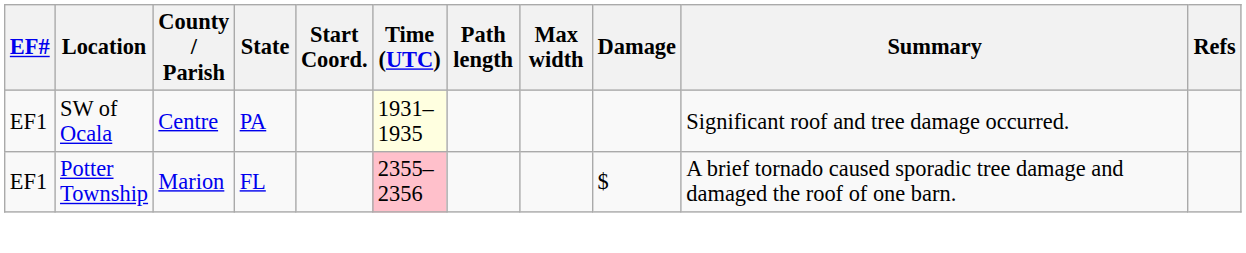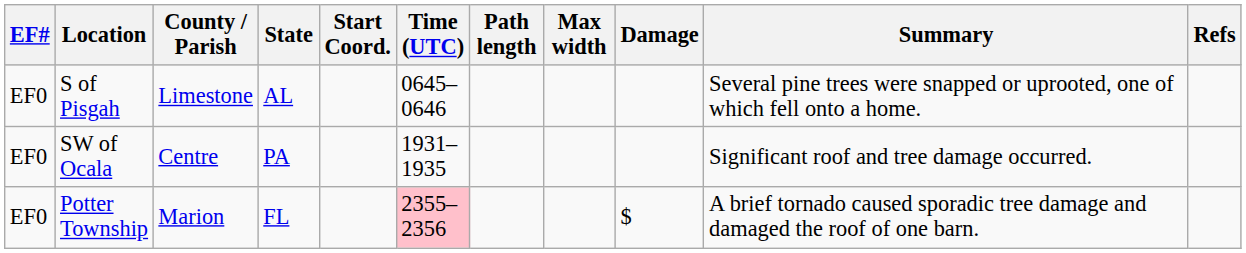 <table class="wikitable sortable" style="width:100%;">
 <tr>
 <th scope="col" width="3%" align="center"><a href='#'>EF#</a></th>
 <th scope="col" width="7%" align="center" class="unsortable">Location</th>
 <th scope="col" width="6%" align="center" class="unsortable">County / Parish</th>
 <th scope="col" width="5%" align="center">State</th>
 <th scope="col" width="6%" align="center">Start Coord.</th>
 <th scope="col" width="6%" align="center">Time (<a href='#'>UTC</a>)</th>
 <th scope="col" width="6%" align="center">Path length</th>
 <th scope="col" width="6%" align="center">Max width</th>
 <th scope="col" width="6%" align="center">Damage</th>
 <th scope="col" width="48%" class="unsortable" align="center">Summary</th>
 <th scope="col" width="48%" class="unsortable" align="center">Refs</th>
 </tr>
 <tr>
-<td>EF1</td>
+<td>EF0</td>
+<td>S of <a href='#'>Pisgah</a></td>
+<td><a href='#'>Limestone</a></td>
+<td><a href='#'>AL</a></td>
+<td></td>
+<td>0645–0646</td>
+<td></td>
+<td></td>
+<td></td>
+<td>Several pine trees were snapped or uprooted, one of which fell onto a home.</td>
+<td></td>
+</tr>
+<tr>
+<td>EF0</td>
 <td>SW of <a href='#'>Ocala</a></td>
 <td><a href='#'>Centre</a></td>
 <td><a href='#'>PA</a></td>
 <td></td>
-<td style="background: lightyellow;">1931–1935</td>
+<td>1931–1935</td>
 <td></td>
 <td></td>
 <td></td>
 <td>Significant roof and tree damage occurred.</td>
 <td></td>
 </tr>
 <tr>
-<td>EF1</td>
+<td>EF0</td>
 <td><a href='#'>Potter Township</a></td>
 <td><a href='#'>Marion</a></td>
 <td><a href='#'>FL</a></td>
 <td></td>
 <td style="background: pink;">2355–2356</td>
 <td></td>
 <td></td>
 <td>$</td>
 <td>A brief tornado caused sporadic tree damage and damaged the roof of one barn.</td>
 <td></td>
 </tr>
 </table>
